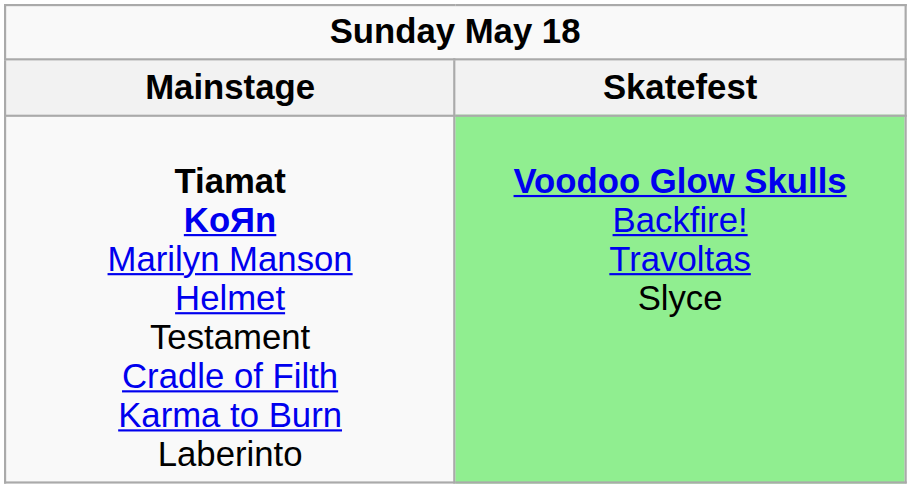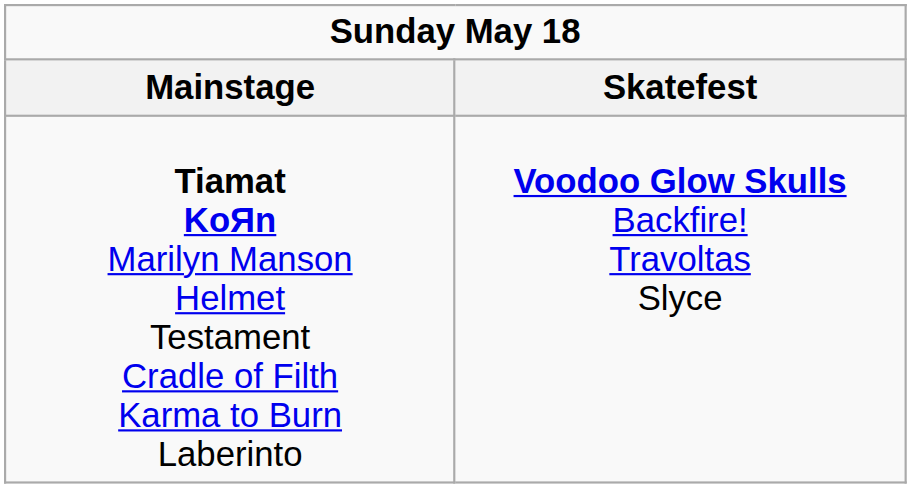 <table class="wikitable">
 <tr>
 <td colspan="3" align="center"><strong>Sunday May 18</strong></td>
 </tr>
 <tr>
 <th>Mainstage</th>
 <th>Skatefest</th>
 </tr>
 <tr>
 <td valign="top" align="center" width=200><br><strong>Tiamat</strong> <br><strong><a href='#'>KoЯn</a></strong> <br><a href='#'>Marilyn Manson</a> <br><a href='#'>Helmet</a> <br>Testament <br><a href='#'>Cradle of Filth</a> <br><a href='#'>Karma to Burn</a> <br>Laberinto</td>
-<td valign="top" align="center" width=200 style="background: lightgreen;"><br><strong><a href='#'>Voodoo Glow Skulls</a></strong> <br><a href='#'>Backfire!</a> <br><a href='#'>Travoltas</a> <br>Slyce</td>
+<td valign="top" align="center" width=200><br><strong><a href='#'>Voodoo Glow Skulls</a></strong> <br><a href='#'>Backfire!</a> <br><a href='#'>Travoltas</a> <br>Slyce</td>
 </tr>
 </table>
